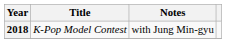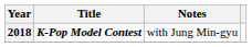 <table class="wikitable sortable plainrowheaders">
 <tr>
 <th scope="col">Year</th>
 <th scope="col">Title</th>
 <th scope="col" class="unsortable">Notes</th>
 <th scope="col" class="unsortable"></th>
 </tr>
 <tr>
 <th scope="row">2018</th>
-<td><em>K-Pop Model Contest</em></td>
+<td><strong><em>K-Pop Model Contest</em></strong></td>
 <td>with Jung Min-gyu</td>
 <td></td>
 </tr>
 <tr>
 </tr>
 </table>
